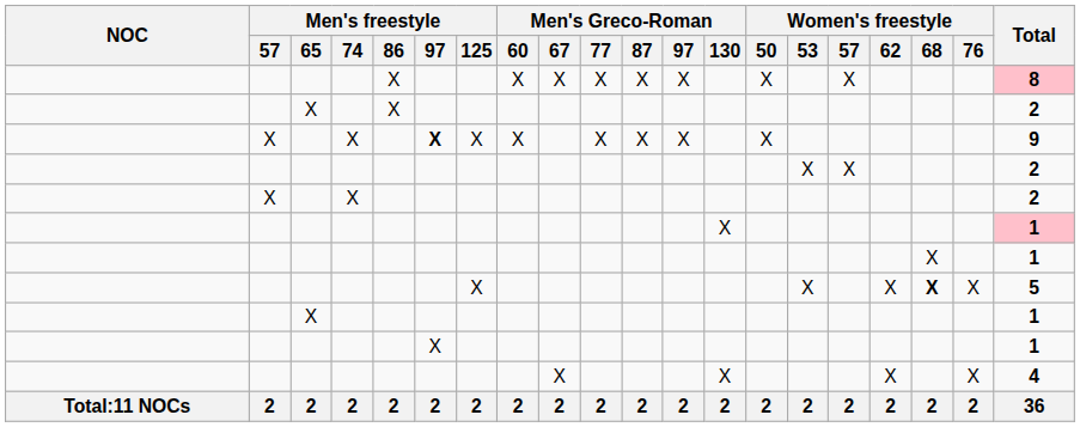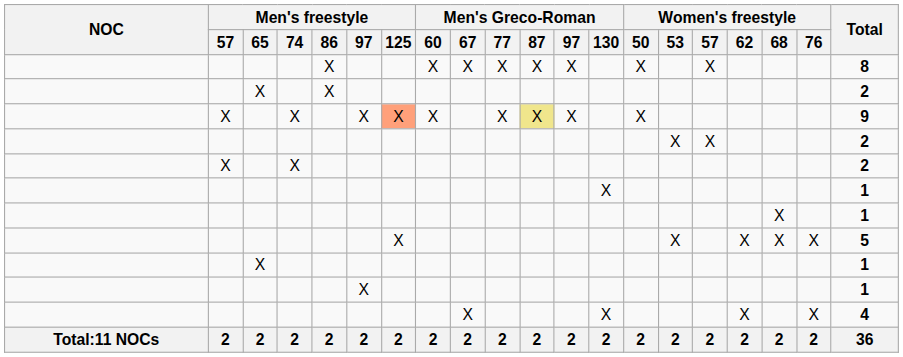 <table class="wikitable" style="text-align:center; font-size:90%">
 <tr>
 <th rowspan="2" width=180 style="text-align:center;">NOC</th>
 <th colspan="6">Men's freestyle</th>
 <th colspan="6">Men's Greco-Roman</th>
 <th colspan=6>Women's freestyle</th>
 <th ! width=55 rowspan="2">Total</th>
 </tr>
 <tr>
 <th width="25">57</th>
 <th width="25">65</th>
 <th width="25">74</th>
 <th width="25">86</th>
 <th width="25">97</th>
 <th width="25">125</th>
 <th width="25">60</th>
 <th width="25">67</th>
 <th width="25">77</th>
 <th width="25">87</th>
 <th width="25">97</th>
 <th width="25">130</th>
 <th width="25">50</th>
 <th width="25">53</th>
 <th width="25">57</th>
 <th width="25">62</th>
 <th width="25">68</th>
 <th width="25">76</th>
 </tr>
 <tr>
 <td align="left"></td>
 <td></td>
 <td></td>
 <td></td>
 <td>X</td>
 <td></td>
 <td></td>
 <td>X</td>
 <td>X</td>
 <td>X</td>
 <td>X</td>
 <td>X</td>
 <td></td>
 <td>X</td>
 <td></td>
 <td>X</td>
 <td></td>
 <td></td>
 <td></td>
-<td style="background: pink;"><strong>8</strong></td>
+<td><strong>8</strong></td>
 </tr>
 <tr>
 <td align="left"></td>
 <td></td>
 <td>X</td>
 <td></td>
 <td>X</td>
 <td></td>
 <td></td>
 <td></td>
 <td></td>
 <td></td>
 <td></td>
 <td></td>
 <td></td>
 <td></td>
 <td></td>
 <td></td>
 <td></td>
 <td></td>
 <td></td>
 <td><strong>2</strong></td>
 </tr>
 <tr>
 <td align="left"></td>
 <td>X</td>
 <td></td>
 <td>X</td>
 <td></td>
-<td><strong>X</strong></td>
 <td>X</td>
+<td style="background: lightsalmon;">X</td>
 <td>X</td>
 <td></td>
 <td>X</td>
-<td>X</td>
+<td style="background: khaki;">X</td>
 <td>X</td>
 <td></td>
 <td>X</td>
 <td></td>
 <td></td>
 <td></td>
 <td></td>
 <td></td>
 <td><strong>9</strong></td>
 </tr>
 <tr>
 <td align="left"></td>
 <td></td>
 <td></td>
 <td></td>
 <td></td>
 <td></td>
 <td></td>
 <td></td>
 <td></td>
 <td></td>
 <td></td>
 <td></td>
 <td></td>
 <td></td>
 <td>X</td>
 <td>X</td>
 <td></td>
 <td></td>
 <td></td>
 <td><strong>2</strong></td>
 </tr>
 <tr>
 <td align="left"></td>
 <td>X</td>
 <td></td>
 <td>X</td>
 <td></td>
 <td></td>
 <td></td>
 <td></td>
 <td></td>
 <td></td>
 <td></td>
 <td></td>
 <td></td>
 <td></td>
 <td></td>
 <td></td>
 <td></td>
 <td></td>
 <td></td>
 <td><strong>2</strong></td>
 </tr>
 <tr>
 <td align="left"></td>
 <td></td>
 <td></td>
 <td></td>
 <td></td>
 <td></td>
 <td></td>
 <td></td>
 <td></td>
 <td></td>
 <td></td>
 <td></td>
 <td>X</td>
 <td></td>
 <td></td>
 <td></td>
 <td></td>
 <td></td>
 <td></td>
-<td style="background: pink;"><strong>1</strong></td>
+<td><strong>1</strong></td>
 </tr>
 <tr>
 <td align="left"></td>
 <td></td>
 <td></td>
 <td></td>
 <td></td>
 <td></td>
 <td></td>
 <td></td>
 <td></td>
 <td></td>
 <td></td>
 <td></td>
 <td></td>
 <td></td>
 <td></td>
 <td></td>
 <td></td>
 <td>X</td>
 <td></td>
 <td><strong>1</strong></td>
 </tr>
 <tr>
 <td align="left"></td>
 <td></td>
 <td></td>
 <td></td>
 <td></td>
 <td></td>
 <td>X</td>
 <td></td>
 <td></td>
 <td></td>
 <td></td>
 <td></td>
 <td></td>
 <td></td>
 <td>X</td>
 <td></td>
 <td>X</td>
-<td><strong>X</strong></td>
+<td>X</td>
 <td>X</td>
 <td><strong>5</strong></td>
 </tr>
 <tr>
 <td align="left"></td>
 <td></td>
 <td>X</td>
 <td></td>
 <td></td>
 <td></td>
 <td></td>
 <td></td>
 <td></td>
 <td></td>
 <td></td>
 <td></td>
 <td></td>
 <td></td>
 <td></td>
 <td></td>
 <td></td>
 <td></td>
 <td></td>
 <td><strong>1</strong></td>
 </tr>
 <tr>
 <td align="left"></td>
 <td></td>
 <td></td>
 <td></td>
 <td></td>
 <td>X</td>
 <td></td>
 <td></td>
 <td></td>
 <td></td>
 <td></td>
 <td></td>
 <td></td>
 <td></td>
 <td></td>
 <td></td>
 <td></td>
 <td></td>
 <td></td>
 <td><strong>1</strong></td>
 </tr>
 <tr>
 <td align="left"></td>
 <td></td>
 <td></td>
 <td></td>
 <td></td>
 <td></td>
 <td></td>
 <td></td>
 <td>X</td>
 <td></td>
 <td></td>
 <td></td>
 <td>X</td>
 <td></td>
 <td></td>
 <td></td>
 <td>X</td>
 <td></td>
 <td>X</td>
 <td><strong>4</strong></td>
 </tr>
 <tr>
 <th>Total:11 NOCs</th>
 <th>2</th>
 <th>2</th>
 <th>2</th>
 <th>2</th>
 <th>2</th>
 <th>2</th>
 <th>2</th>
 <th>2</th>
 <th>2</th>
 <th>2</th>
 <th>2</th>
 <th>2</th>
 <th>2</th>
 <th>2</th>
 <th>2</th>
 <th>2</th>
 <th>2</th>
 <th>2</th>
 <th>36</th>
 </tr>
 </table>
